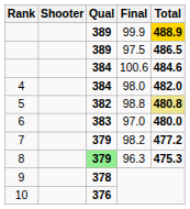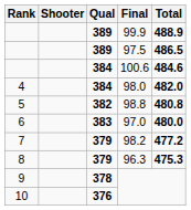 <table class="wikitable sortable" style="text-align: center">
 <tr>
 <th>Rank</th>
 <th>Shooter</th>
 <th>Qual</th>
 <th>Final</th>
 <th>Total</th>
 </tr>
 <tr>
 <td></td>
 <td align=left></td>
 <td><strong>389</strong></td>
 <td>99.9</td>
-<td style="background: gold;"><strong>488.9</strong></td>
+<td><strong>488.9</strong></td>
 </tr>
 <tr>
 <td></td>
 <td align=left></td>
 <td><strong>389</strong></td>
 <td>97.5</td>
 <td><strong>486.5</strong></td>
 </tr>
 <tr>
 <td></td>
 <td align=left></td>
 <td><strong>384</strong></td>
 <td>100.6</td>
 <td><strong>484.6</strong></td>
 </tr>
 <tr>
 <td>4</td>
 <td align=left></td>
 <td><strong>384</strong></td>
 <td>98.0</td>
 <td><strong>482.0</strong></td>
 </tr>
 <tr>
 <td>5</td>
 <td align=left></td>
 <td><strong>382</strong></td>
 <td>98.8</td>
-<td style="background: khaki;"><strong>480.8</strong></td>
+<td><strong>480.8</strong></td>
 </tr>
 <tr>
 <td>6</td>
 <td align=left></td>
 <td><strong>383</strong></td>
 <td>97.0</td>
 <td><strong>480.0</strong></td>
 </tr>
 <tr>
 <td>7</td>
 <td align=left></td>
 <td><strong>379</strong></td>
 <td>98.2</td>
 <td><strong>477.2</strong></td>
 </tr>
 <tr>
 <td>8</td>
 <td align=left></td>
-<td style="background: lightgreen;"><strong>379</strong></td>
+<td><strong>379</strong></td>
 <td>96.3</td>
 <td><strong>475.3</strong></td>
 </tr>
 <tr>
 <td>9</td>
 <td align=left></td>
 <td><strong>378</strong></td>
 </tr>
 <tr>
 <td>10</td>
 <td align=left></td>
 <td><strong>376</strong></td>
 </tr>
 </table>
